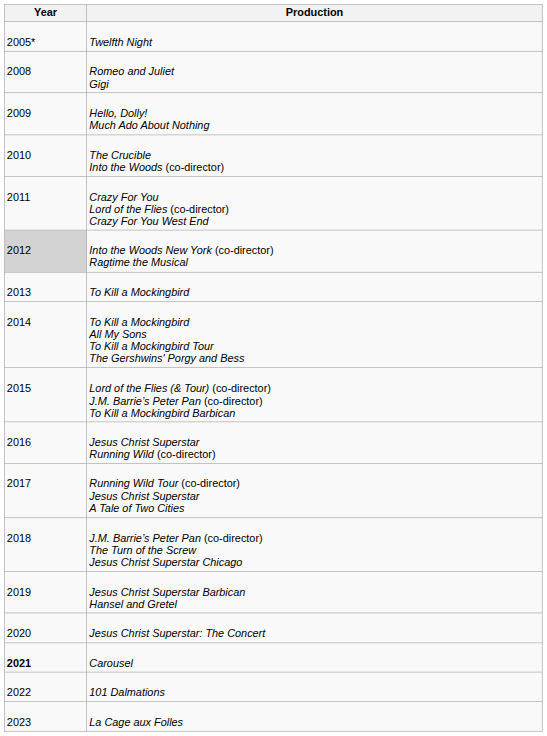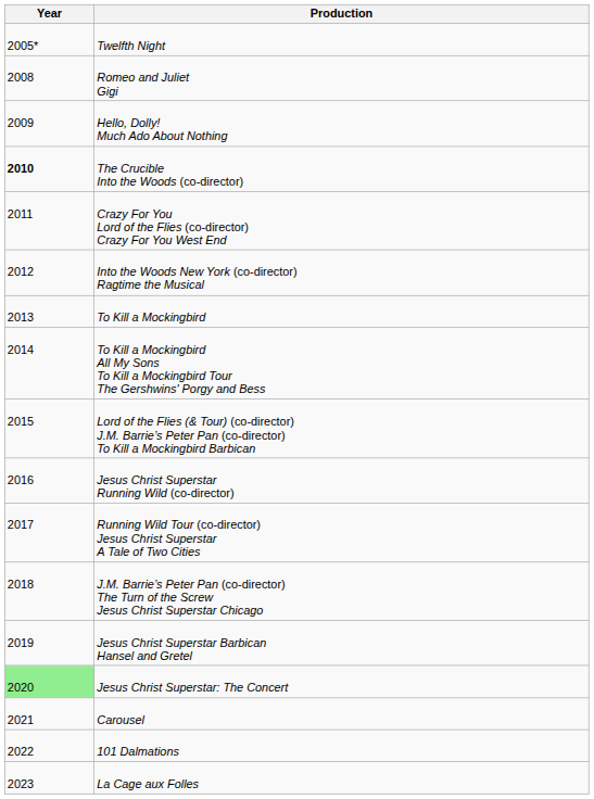 <table class=wikitable width="50%">
 <tr>
 <th width="5%">Year</th>
 <th width="30%">Production</th>
 </tr>
 <tr>
 <td valign="top"><br>2005*</td>
 <td valign="top"><br><em>Twelfth Night</em></td>
 </tr>
 <tr>
 <td valign="top"><br>2008</td>
 <td valign="top"><br><em>Romeo and Juliet</em> <br><em>Gigi</em></td>
 </tr>
 <tr>
 <td valign="top"><br>2009</td>
 <td valign="top"><br><em>Hello, Dolly!</em> <br><em>Much Ado About Nothing</em></td>
 </tr>
 <tr>
-<td valign="top"><br>2010</td>
+<td valign="top"><strong><br>2010</strong></td>
 <td valign="top"><br><em>The Crucible</em> <br><em>Into the Woods</em> (co-director)</td>
 </tr>
 <tr>
 <td valign="top"><br>2011</td>
 <td valign="top"><br><em>Crazy For You</em> <br><em>Lord of the Flies</em> (co-director)<br> <em>Crazy For You West End</em></td>
 </tr>
 <tr>
-<td valign="top" style="background: lightgrey;"><br>2012</td>
+<td valign="top"><br>2012</td>
 <td valign="top"><br><em>Into the Woods New York</em> (co-director) <br><em>Ragtime the Musical</em></td>
 </tr>
 <tr>
 <td valign="top"><br>2013</td>
 <td valign="top"><br><em>To Kill a Mockingbird</em></td>
 </tr>
 <tr>
 <td valign="top"><br>2014</td>
 <td valign="top"><br><em>To Kill a Mockingbird</em> <br><em>All My Sons</em> <br> <em>To Kill a Mockingbird Tour</em> <br><em>The Gershwins' Porgy and Bess</em></td>
 </tr>
 <tr>
 <td valign="top"><br>2015</td>
 <td valign="top"><br><em>Lord of the Flies (& Tour)</em> (co-director) <br><em>J.M. Barrie’s Peter Pan</em> (co-director) <br> <em>To Kill a Mockingbird Barbican</em></td>
 </tr>
 <tr>
 <td valign="top"><br>2016</td>
 <td valign="top"><br><em>Jesus Christ Superstar</em> <br><em>Running Wild</em> (co-director)</td>
 </tr>
 <tr>
 <td valign="top"><br>2017</td>
 <td valign="top"><br><em>Running Wild Tour</em> (co-director) <br><em>Jesus Christ Superstar</em> <br> <em>A Tale of Two Cities</em></td>
 </tr>
 <tr>
 <td valign="top"><br>2018</td>
 <td valign="top"><br><em>J.M. Barrie’s Peter Pan</em> (co-director) <br><em>The Turn of the Screw</em> <br> <em>Jesus Christ Superstar Chicago</em></td>
 </tr>
 <tr>
 <td valign="top"><br>2019</td>
 <td valign="top"><br><em>Jesus Christ Superstar Barbican</em> <br><em>Hansel and Gretel</em></td>
 </tr>
 <tr>
-<td valign="top"><br>2020</td>
+<td valign="top" style="background: lightgreen;"><br>2020</td>
 <td valign="top"><br><em>Jesus Christ Superstar: The Concert</em></td>
 </tr>
 <tr>
-<td valign="top"><strong><br>2021</strong></td>
+<td valign="top"><br>2021</td>
 <td valign="top"><br><em>Carousel</em></td>
 </tr>
 <tr>
 <td valign="top"><br>2022</td>
 <td valign="top"><br><em>101 Dalmations</em></td>
 </tr>
 <tr>
 <td valign="top"><br>2023</td>
 <td valign="top"><br><em>La Cage aux Folles</em></td>
 </tr>
 </table>
